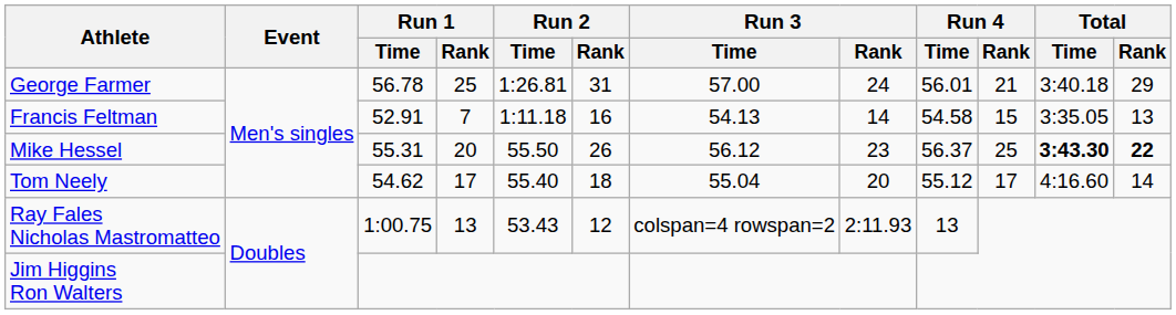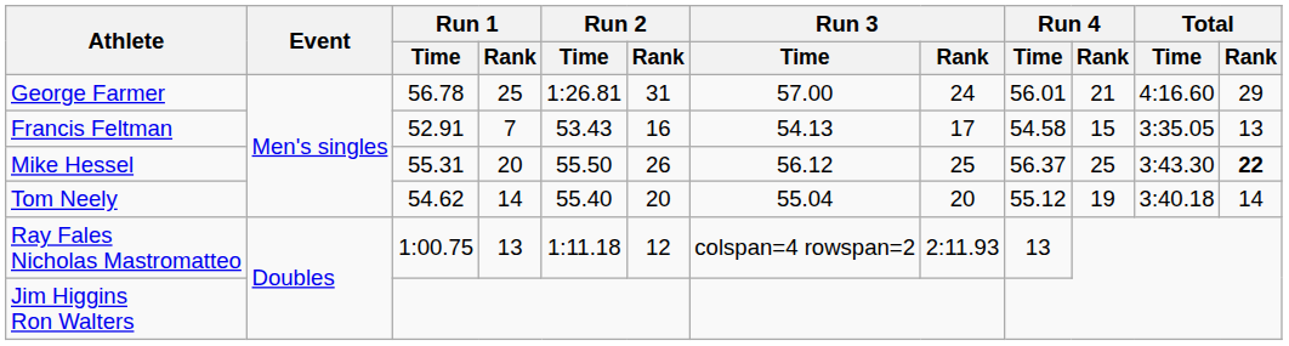 <table class=wikitable style=font-size:90%;text-align:center>
 <tr>
 <th rowspan=2>Athlete</th>
 <th rowspan=2>Event</th>
 <th colspan=2>Run 1</th>
 <th colspan=2>Run 2</th>
 <th colspan=2>Run 3</th>
 <th colspan=2>Run 4</th>
 <th colspan=2>Total</th>
 </tr>
 <tr style=font-size:95%>
 <th>Time</th>
 <th>Rank</th>
 <th>Time</th>
 <th>Rank</th>
 <th>Time</th>
 <th>Rank</th>
 <th>Time</th>
 <th>Rank</th>
 <th>Time</th>
 <th>Rank</th>
 </tr>
 <tr>
 <td align=left><a href='#'>George Farmer</a></td>
 <td align=left rowspan=4><a href='#'>Men's singles</a></td>
 <td>56.78</td>
 <td>25</td>
 <td>1:26.81</td>
 <td>31</td>
 <td>57.00</td>
 <td>24</td>
 <td>56.01</td>
 <td>21</td>
-<td>3:40.18</td>
+<td>4:16.60</td>
 <td>29</td>
 </tr>
 <tr>
 <td align=left><a href='#'>Francis Feltman</a></td>
 <td>52.91</td>
 <td>7</td>
-<td>1:11.18</td>
+<td>53.43</td>
 <td>16</td>
 <td>54.13</td>
-<td>14</td>
+<td>17</td>
 <td>54.58</td>
 <td>15</td>
 <td>3:35.05</td>
 <td>13</td>
 </tr>
 <tr>
 <td align=left><a href='#'>Mike Hessel</a></td>
 <td>55.31</td>
 <td>20</td>
 <td>55.50</td>
 <td>26</td>
 <td>56.12</td>
-<td>23</td>
+<td>25</td>
 <td>56.37</td>
 <td>25</td>
-<td><strong>3:43.30</strong></td>
+<td>3:43.30</td>
 <td><strong>22</strong></td>
 </tr>
 <tr>
 <td align=left><a href='#'>Tom Neely</a></td>
 <td>54.62</td>
-<td>17</td>
+<td>14</td>
 <td>55.40</td>
-<td>18</td>
+<td>20</td>
 <td>55.04</td>
 <td>20</td>
 <td>55.12</td>
-<td>17</td>
-<td>4:16.60</td>
+<td>19</td>
+<td>3:40.18</td>
 <td>14</td>
 </tr>
 <tr>
 <td align=left><a href='#'>Ray Fales</a><br><a href='#'>Nicholas Mastromatteo</a></td>
 <td align=left rowspan=2><a href='#'>Doubles</a></td>
 <td>1:00.75</td>
 <td>13</td>
-<td>53.43</td>
+<td>1:11.18</td>
 <td>12</td>
 <td>colspan=4 rowspan=2 </td>
 <td>2:11.93</td>
 <td>13</td>
 </tr>
 <tr>
 <td align=left><a href='#'>Jim Higgins</a><br><a href='#'>Ron Walters</a></td>
 <td colspan=4></td>
 <td colspan=2></td>
 </tr>
 </table>
